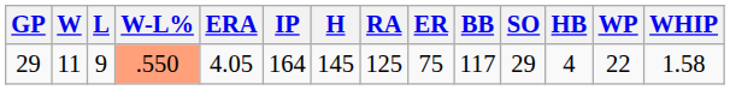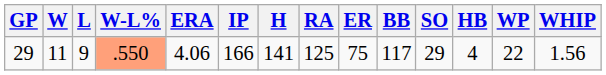 <table class="wikitable">
 <tr>
 <th><a href='#'>GP</a></th>
 <th><a href='#'>W</a></th>
 <th><a href='#'>L</a></th>
 <th><a href='#'>W-L%</a></th>
 <th><a href='#'>ERA</a></th>
 <th><a href='#'>IP</a></th>
 <th><a href='#'>H</a></th>
 <th><a href='#'>RA</a></th>
 <th><a href='#'>ER</a></th>
 <th><a href='#'>BB</a></th>
 <th><a href='#'>SO</a></th>
 <th><a href='#'>HB</a></th>
 <th><a href='#'>WP</a></th>
 <th><a href='#'>WHIP</a></th>
 </tr>
 <tr align=center>
 <td>29</td>
 <td>11</td>
 <td>9</td>
 <td style="background: lightsalmon;">.550</td>
-<td>4.05</td>
-<td>164</td>
-<td>145</td>
+<td>4.06</td>
+<td>166</td>
+<td>141</td>
 <td>125</td>
 <td>75</td>
 <td>117</td>
 <td>29</td>
 <td>4</td>
 <td>22</td>
-<td>1.58</td>
+<td>1.56</td>
 </tr>
 </table>
